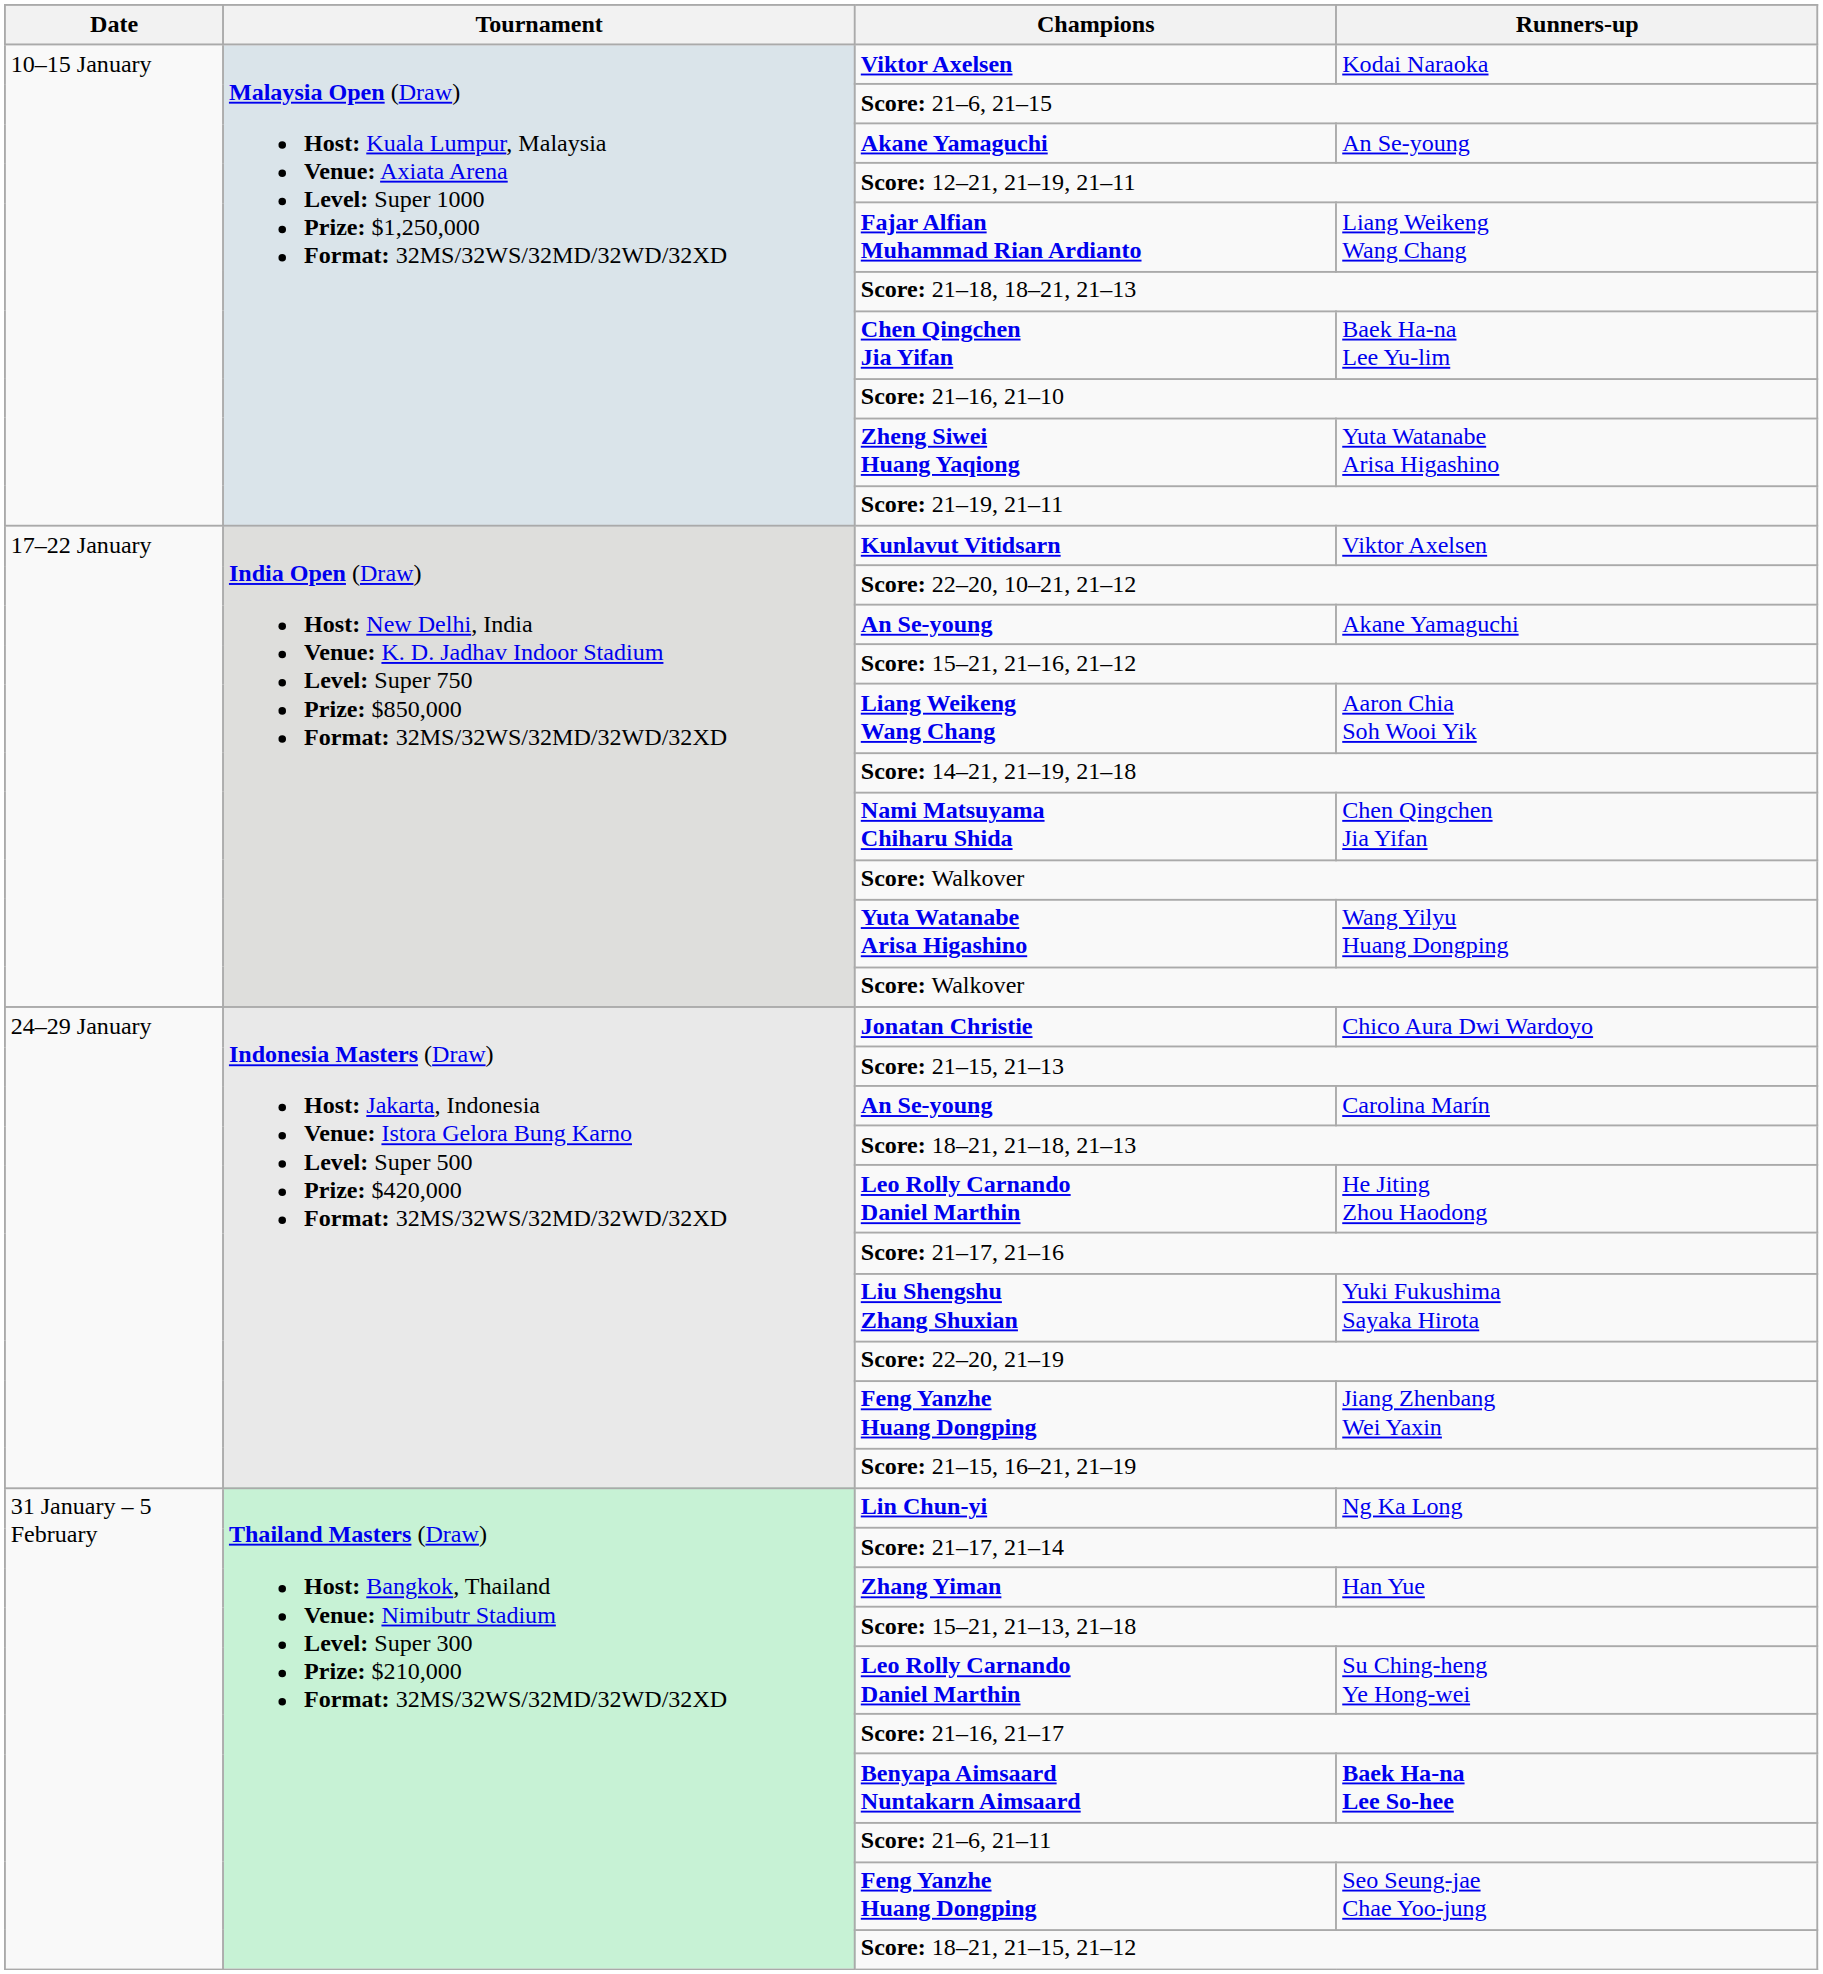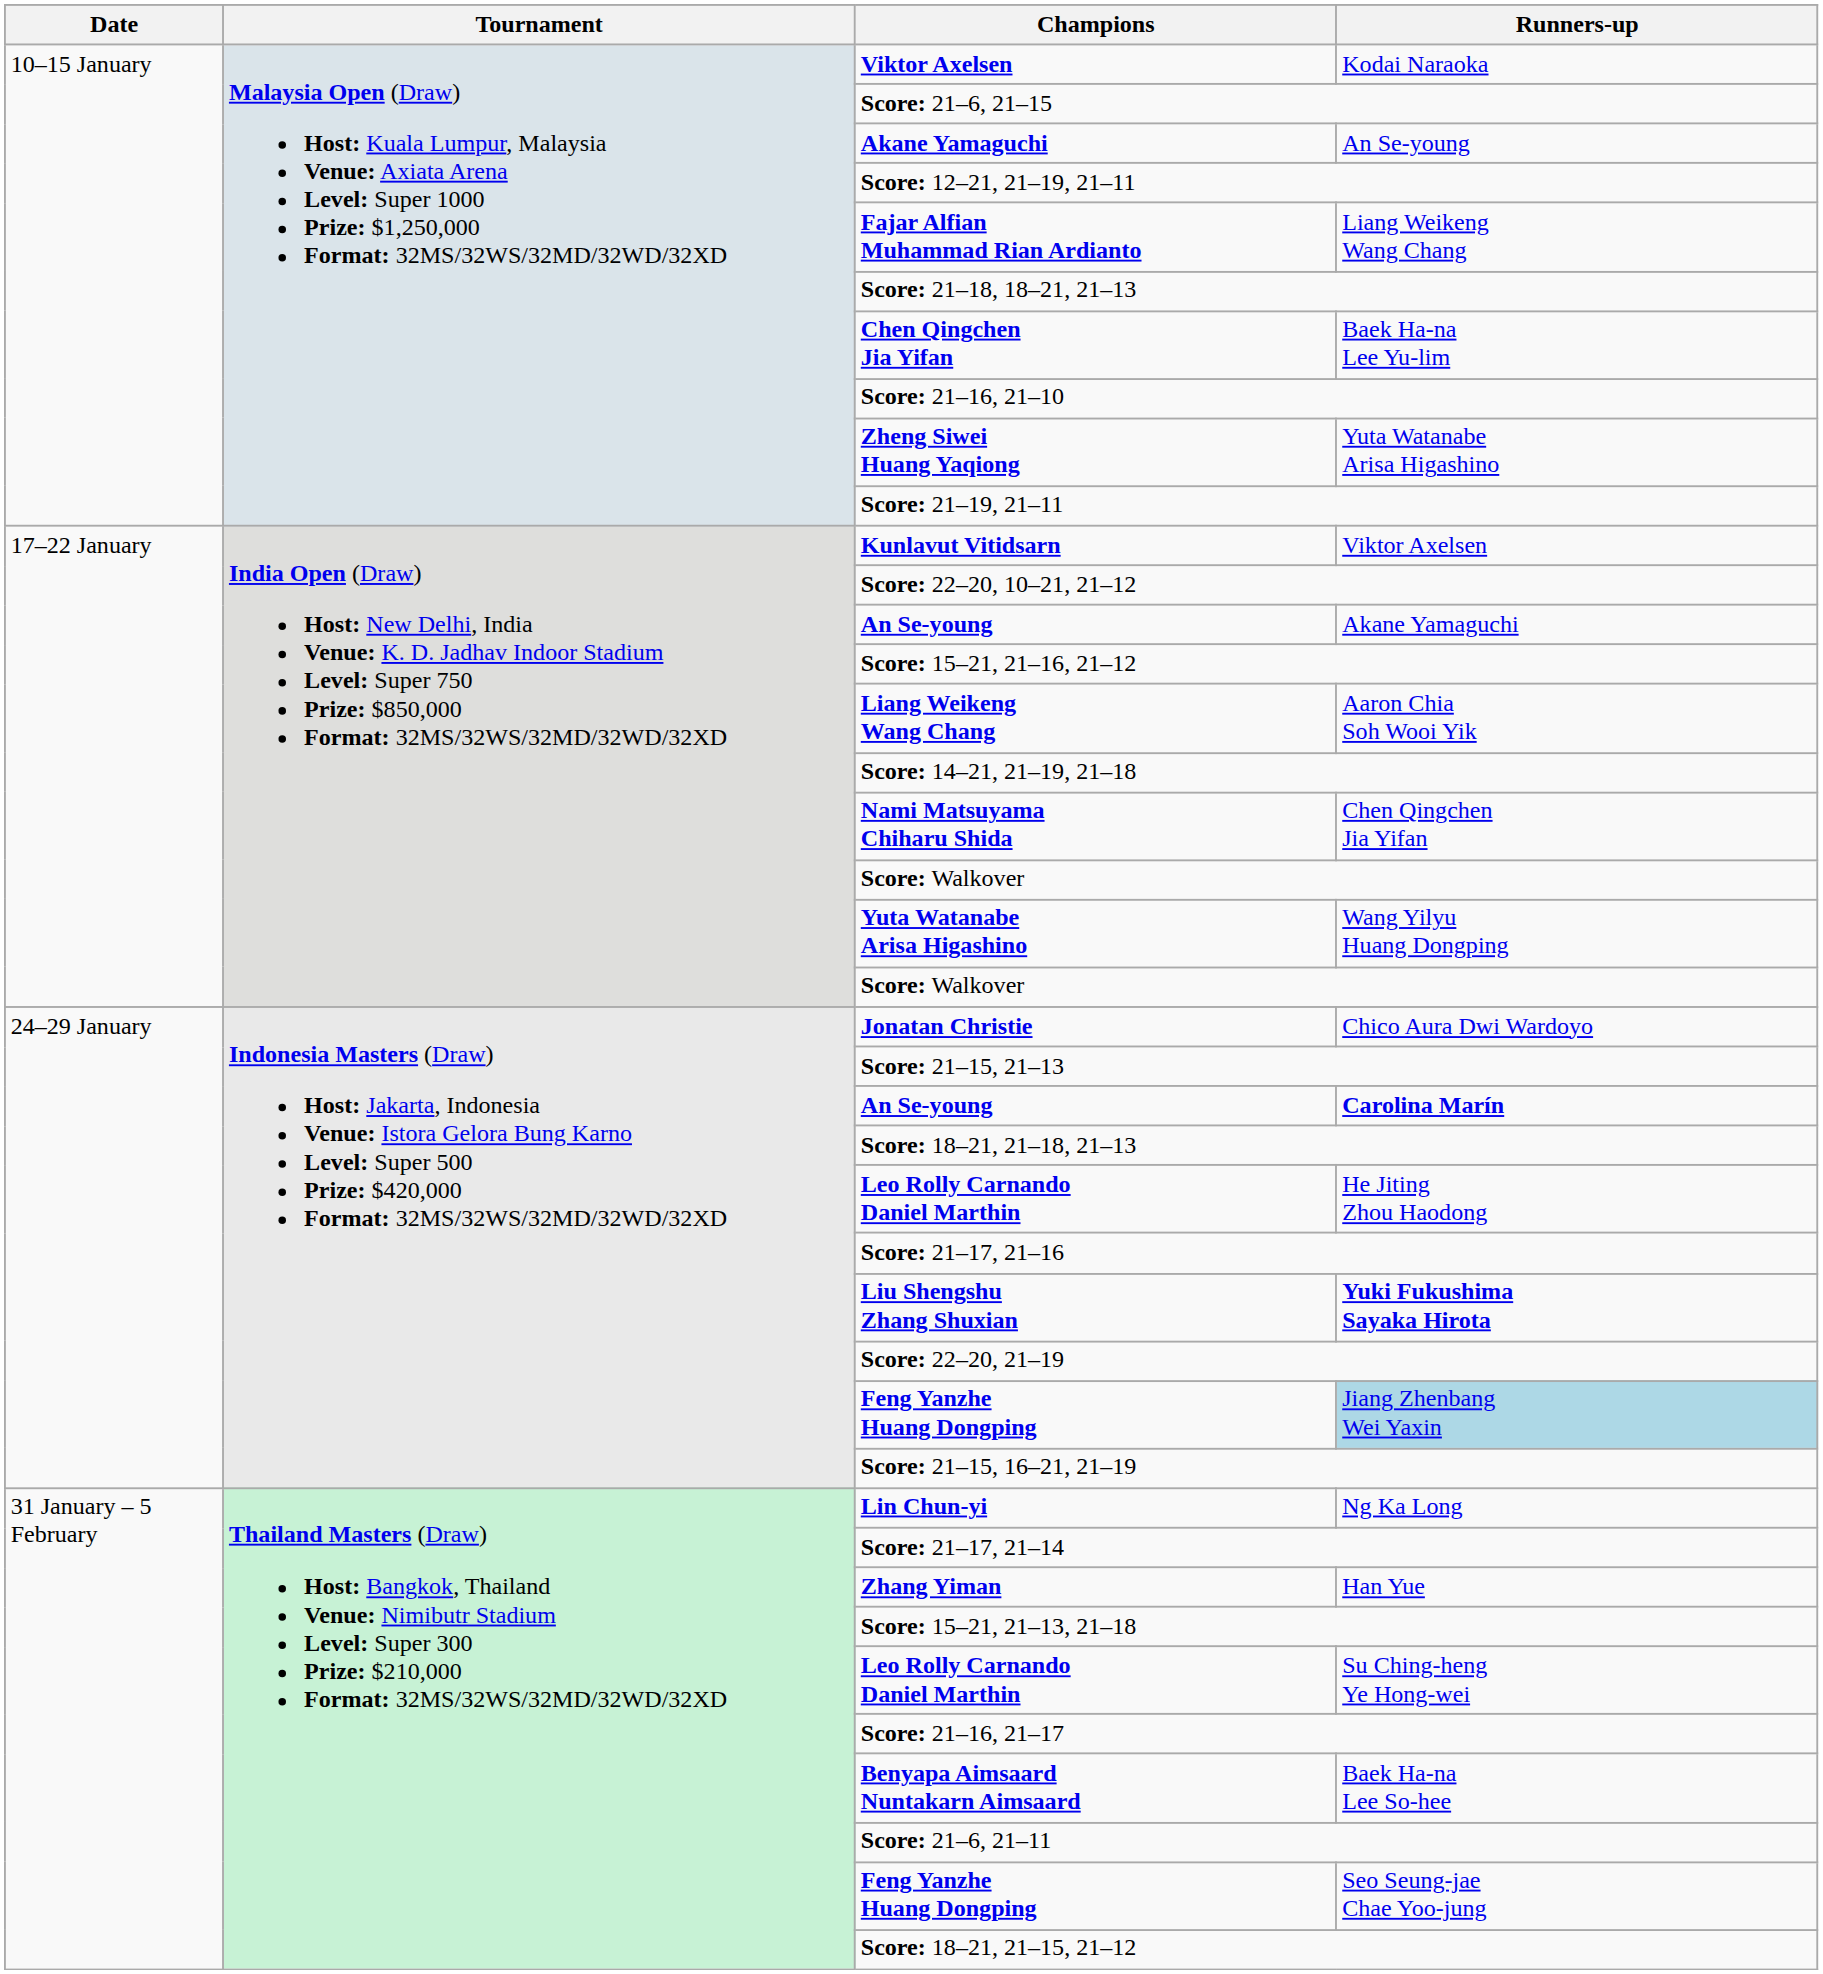 <table class="wikitable" style="font-size:80%">
 <tr>
 <th width="110">Date</th>
 <th width="330">Tournament</th>
 <th width="250">Champions</th>
 <th width="250">Runners-up</th>
 </tr>
 <tr valign=top>
 <td rowspan="10">10–15 January</td>
 <td bgcolor="#DAE4EA" rowspan="10"><br><strong><a href='#'>Malaysia Open</a></strong> (<a href='#'>Draw</a>)<ul><li><strong>Host:</strong> <a href='#'>Kuala Lumpur</a>, Malaysia</li><li><strong>Venue:</strong> <a href='#'>Axiata Arena</a></li><li><strong>Level:</strong> Super 1000</li><li><strong>Prize:</strong> $1,250,000</li><li><strong>Format:</strong> 32MS/32WS/32MD/32WD/32XD</li></ul></td>
 <td><strong> <a href='#'>Viktor Axelsen</a></strong></td>
 <td> <a href='#'>Kodai Naraoka</a></td>
 </tr>
 <tr>
 <td colspan="2"><strong>Score:</strong> 21–6, 21–15</td>
 </tr>
 <tr valign="top">
 <td><strong> <a href='#'>Akane Yamaguchi</a></strong></td>
 <td> <a href='#'>An Se-young</a></td>
 </tr>
 <tr>
 <td colspan="2"><strong>Score:</strong> 12–21, 21–19, 21–11</td>
 </tr>
 <tr valign="top">
 <td><strong> <a href='#'>Fajar Alfian</a><br> <a href='#'>Muhammad Rian Ardianto</a></strong></td>
 <td> <a href='#'>Liang Weikeng</a><br> <a href='#'>Wang Chang</a></td>
 </tr>
 <tr>
 <td colspan="2"><strong>Score:</strong> 21–18, 18–21, 21–13</td>
 </tr>
 <tr valign="top">
 <td><strong> <a href='#'>Chen Qingchen</a><br> <a href='#'>Jia Yifan</a></strong></td>
 <td> <a href='#'>Baek Ha-na</a><br> <a href='#'>Lee Yu-lim</a></td>
 </tr>
 <tr>
 <td colspan="2"><strong>Score:</strong> 21–16, 21–10</td>
 </tr>
 <tr valign="top">
 <td><strong> <a href='#'>Zheng Siwei</a><br> <a href='#'>Huang Yaqiong</a></strong></td>
 <td> <a href='#'>Yuta Watanabe</a><br> <a href='#'>Arisa Higashino</a></td>
 </tr>
 <tr>
 <td colspan="2"><strong>Score:</strong> 21–19, 21–11</td>
 </tr>
 <tr valign="top">
 <td rowspan="10">17–22 January</td>
 <td bgcolor="#DEDEDC" rowspan="10"><br><strong><a href='#'>India Open</a></strong> (<a href='#'>Draw</a>)<ul><li><strong>Host:</strong> <a href='#'>New Delhi</a>, India</li><li><strong>Venue:</strong> <a href='#'>K. D. Jadhav Indoor Stadium</a></li><li><strong>Level:</strong> Super 750</li><li><strong>Prize:</strong> $850,000</li><li><strong>Format:</strong> 32MS/32WS/32MD/32WD/32XD</li></ul></td>
 <td><strong> <a href='#'>Kunlavut Vitidsarn</a></strong></td>
 <td> <a href='#'>Viktor Axelsen</a></td>
 </tr>
 <tr>
 <td colspan="2"><strong>Score:</strong> 22–20, 10–21, 21–12</td>
 </tr>
 <tr valign="top">
 <td><strong> <a href='#'>An Se-young</a></strong></td>
 <td> <a href='#'>Akane Yamaguchi</a></td>
 </tr>
 <tr>
 <td colspan="2"><strong>Score:</strong> 15–21, 21–16, 21–12</td>
 </tr>
 <tr valign="top">
 <td><strong> <a href='#'>Liang Weikeng</a><br> <a href='#'>Wang Chang</a></strong></td>
 <td> <a href='#'>Aaron Chia</a><br> <a href='#'>Soh Wooi Yik</a></td>
 </tr>
 <tr>
 <td colspan="2"><strong>Score:</strong> 14–21, 21–19, 21–18</td>
 </tr>
 <tr valign="top">
 <td><strong> <a href='#'>Nami Matsuyama</a><br> <a href='#'>Chiharu Shida</a></strong></td>
 <td> <a href='#'>Chen Qingchen</a><br> <a href='#'>Jia Yifan</a></td>
 </tr>
 <tr>
 <td colspan="2"><strong>Score:</strong> Walkover</td>
 </tr>
 <tr valign="top">
 <td><strong> <a href='#'>Yuta Watanabe</a><br> <a href='#'>Arisa Higashino</a></strong></td>
 <td> <a href='#'>Wang Yilyu</a><br> <a href='#'>Huang Dongping</a></td>
 </tr>
 <tr>
 <td colspan="2"><strong>Score:</strong> Walkover</td>
 </tr>
 <tr valign="top">
 <td rowspan="10">24–29 January</td>
 <td bgcolor="#E9E9E9" rowspan="10"><br><strong><a href='#'>Indonesia Masters</a></strong> (<a href='#'>Draw</a>)<ul><li><strong>Host:</strong> <a href='#'>Jakarta</a>, Indonesia</li><li><strong>Venue:</strong> <a href='#'>Istora Gelora Bung Karno</a></li><li><strong>Level:</strong> Super 500</li><li><strong>Prize:</strong> $420,000</li><li><strong>Format:</strong> 32MS/32WS/32MD/32WD/32XD</li></ul></td>
 <td><strong> <a href='#'>Jonatan Christie</a></strong></td>
 <td> <a href='#'>Chico Aura Dwi Wardoyo</a></td>
 </tr>
 <tr>
 <td colspan="2"><strong>Score:</strong> 21–15, 21–13</td>
 </tr>
 <tr valign="top">
 <td><strong> <a href='#'>An Se-young</a></strong></td>
-<td> <a href='#'>Carolina Marín</a></td>
+<td><strong> <a href='#'>Carolina Marín</a></strong></td>
 </tr>
 <tr>
 <td colspan="2"><strong>Score:</strong> 18–21, 21–18, 21–13</td>
 </tr>
 <tr valign="top">
 <td><strong> <a href='#'>Leo Rolly Carnando</a><br> <a href='#'>Daniel Marthin</a></strong></td>
 <td> <a href='#'>He Jiting</a><br> <a href='#'>Zhou Haodong</a></td>
 </tr>
 <tr>
 <td colspan="2"><strong>Score:</strong> 21–17, 21–16</td>
 </tr>
 <tr valign="top">
 <td><strong> <a href='#'>Liu Shengshu</a><br> <a href='#'>Zhang Shuxian</a></strong></td>
-<td> <a href='#'>Yuki Fukushima</a><br> <a href='#'>Sayaka Hirota</a></td>
+<td><strong> <a href='#'>Yuki Fukushima</a><br> <a href='#'>Sayaka Hirota</a></strong></td>
 </tr>
 <tr>
 <td colspan="2"><strong>Score:</strong> 22–20, 21–19</td>
 </tr>
 <tr valign="top">
 <td><strong> <a href='#'>Feng Yanzhe</a><br> <a href='#'>Huang Dongping</a></strong></td>
-<td> <a href='#'>Jiang Zhenbang</a><br> <a href='#'>Wei Yaxin</a></td>
+<td style="background: lightblue;"> <a href='#'>Jiang Zhenbang</a><br> <a href='#'>Wei Yaxin</a></td>
 </tr>
 <tr>
 <td colspan="2"><strong>Score:</strong> 21–15, 16–21, 21–19</td>
 </tr>
 <tr valign="top">
 <td rowspan="10">31 January – 5 February</td>
 <td bgcolor="#C7F2D5" rowspan="10"><br><strong><a href='#'>Thailand Masters</a></strong> (<a href='#'>Draw</a>)<ul><li><strong>Host:</strong> <a href='#'>Bangkok</a>, Thailand</li><li><strong>Venue:</strong> <a href='#'>Nimibutr Stadium</a></li><li><strong>Level:</strong> Super 300</li><li><strong>Prize:</strong> $210,000</li><li><strong>Format:</strong> 32MS/32WS/32MD/32WD/32XD</li></ul></td>
 <td><strong> <a href='#'>Lin Chun-yi</a></strong></td>
 <td> <a href='#'>Ng Ka Long</a></td>
 </tr>
 <tr>
 <td colspan="2"><strong>Score:</strong> 21–17, 21–14</td>
 </tr>
 <tr valign="top">
 <td><strong> <a href='#'>Zhang Yiman</a></strong></td>
 <td> <a href='#'>Han Yue</a></td>
 </tr>
 <tr>
 <td colspan="2"><strong>Score:</strong> 15–21, 21–13, 21–18</td>
 </tr>
 <tr valign="top">
 <td><strong> <a href='#'>Leo Rolly Carnando</a><br> <a href='#'>Daniel Marthin</a></strong></td>
 <td> <a href='#'>Su Ching-heng</a><br> <a href='#'>Ye Hong-wei</a></td>
 </tr>
 <tr>
 <td colspan="2"><strong>Score:</strong> 21–16, 21–17</td>
 </tr>
 <tr valign="top">
 <td><strong> <a href='#'>Benyapa Aimsaard</a><br> <a href='#'>Nuntakarn Aimsaard</a></strong></td>
-<td><strong> <a href='#'>Baek Ha-na</a><br> <a href='#'>Lee So-hee</a></strong></td>
+<td> <a href='#'>Baek Ha-na</a><br> <a href='#'>Lee So-hee</a></td>
 </tr>
 <tr>
 <td colspan="2"><strong>Score:</strong> 21–6, 21–11</td>
 </tr>
 <tr valign="top">
 <td><strong> <a href='#'>Feng Yanzhe</a><br> <a href='#'>Huang Dongping</a></strong></td>
 <td> <a href='#'>Seo Seung-jae</a><br> <a href='#'>Chae Yoo-jung</a></td>
 </tr>
 <tr>
 <td colspan="2"><strong>Score:</strong> 18–21, 21–15, 21–12</td>
 </tr>
 </table>
